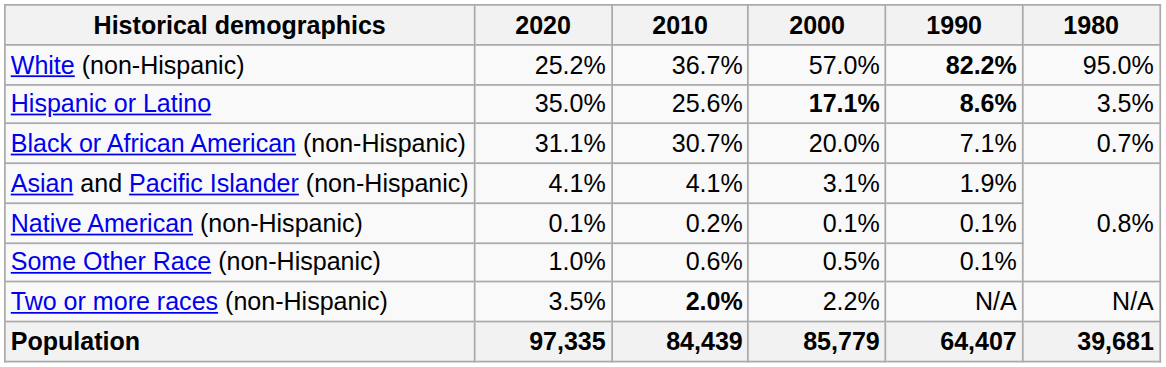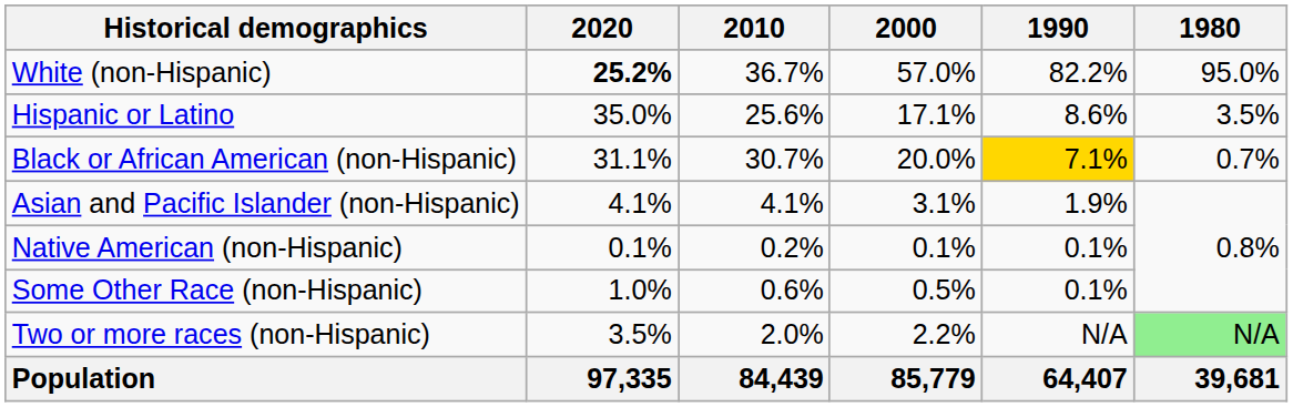 <table class="wikitable collapsible mw-collapsed collapsible" style="font-size: 90%; text-align: right;">
 <tr>
 <th>Historical demographics</th>
 <th style="width: 5em;">2020</th>
 <th style="width: 5em;">2010</th>
 <th style="width: 5em;">2000</th>
 <th style="width: 5em;">1990</th>
 <th style="width: 5em;">1980</th>
 </tr>
 <tr>
 <td style="text-align:left"><a href='#'>White</a> (non-Hispanic)</td>
-<td>25.2%</td>
+<td><strong>25.2%</strong></td>
 <td>36.7%</td>
 <td>57.0%</td>
-<td><strong>82.2%</strong></td>
+<td>82.2%</td>
 <td>95.0%</td>
 </tr>
 <tr>
 <td style="text-align:left"><a href='#'>Hispanic or Latino</a></td>
 <td>35.0%</td>
 <td>25.6%</td>
-<td><strong>17.1%</strong></td>
-<td><strong>8.6%</strong></td>
+<td>17.1%</td>
+<td>8.6%</td>
 <td>3.5%</td>
 </tr>
 <tr>
 <td style="text-align:left"><a href='#'>Black or African American</a> (non-Hispanic)</td>
 <td>31.1%</td>
 <td>30.7%</td>
 <td>20.0%</td>
-<td>7.1%</td>
+<td style="background: gold;">7.1%</td>
 <td>0.7%</td>
 </tr>
 <tr>
 <td style="text-align:left"><a href='#'>Asian</a> and <a href='#'>Pacific Islander</a> (non-Hispanic)</td>
 <td>4.1%</td>
 <td>4.1%</td>
 <td>3.1%</td>
 <td>1.9%</td>
 <td rowspan="3">0.8%</td>
 </tr>
 <tr>
 <td style="text-align:left"><a href='#'>Native American</a> (non-Hispanic)</td>
 <td>0.1%</td>
 <td>0.2%</td>
 <td>0.1%</td>
 <td>0.1%</td>
 </tr>
 <tr>
 <td style="text-align:left"><a href='#'>Some Other Race</a> (non-Hispanic)</td>
 <td>1.0%</td>
 <td>0.6%</td>
 <td>0.5%</td>
 <td>0.1%</td>
 </tr>
 <tr>
 <td style="text-align:left"><a href='#'>Two or more races</a> (non-Hispanic)</td>
 <td>3.5%</td>
-<td><strong>2.0%</strong></td>
+<td>2.0%</td>
 <td>2.2%</td>
 <td>N/A</td>
-<td>N/A</td>
+<td style="background: lightgreen;">N/A</td>
 </tr>
 <tr>
 <th style="text-align:left">Population</th>
 <th style="text-align:right">97,335</th>
 <th style="text-align:right">84,439</th>
 <th style="text-align:right">85,779</th>
 <th style="text-align:right">64,407</th>
 <th style="text-align:right">39,681</th>
 </tr>
 </table>
